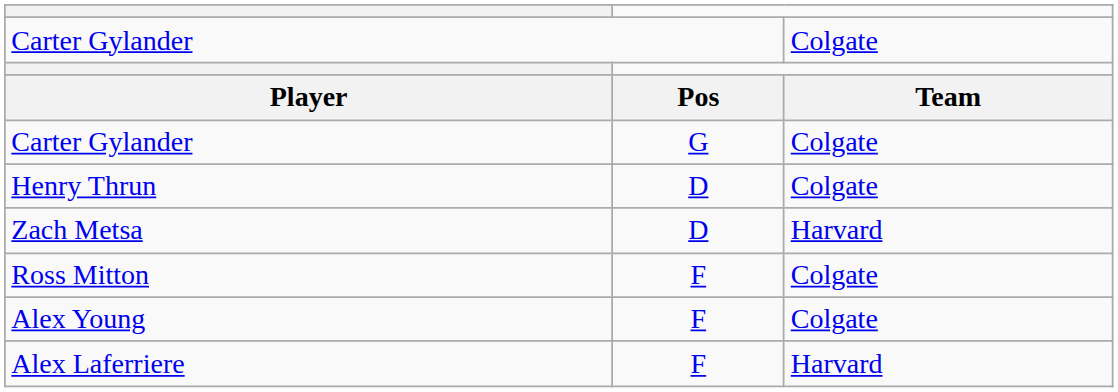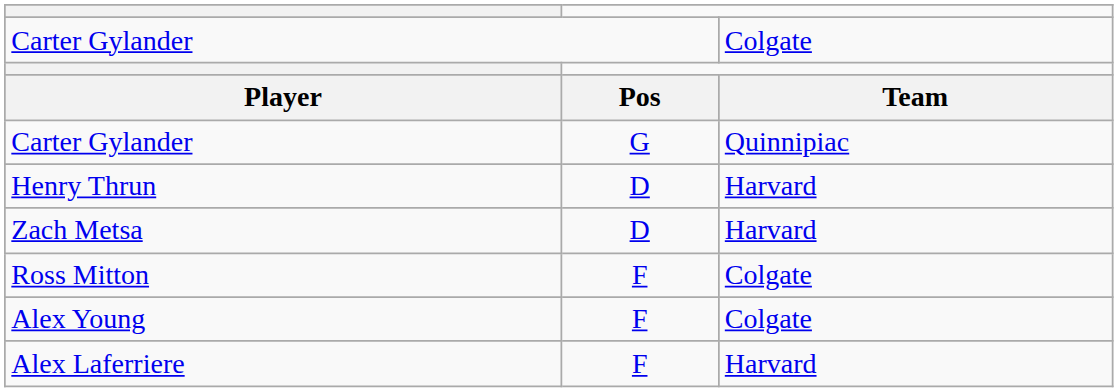 <table class="wikitable" width=40%>
 <tr>
 <th><a href='#'></a></th>
 </tr>
 <tr>
 <td colspan=2><a href='#'>Carter Gylander</a></td>
 <td><a href='#'>Colgate</a></td>
 </tr>
 <tr>
 <th><a href='#'></a></th>
 </tr>
 <tr>
 <th>Player</th>
 <th>Pos</th>
 <th>Team</th>
 </tr>
 <tr>
 <td><a href='#'>Carter Gylander</a></td>
 <td style="text-align:center;"><a href='#'>G</a></td>
-<td><a href='#'>Colgate</a></td>
+<td><a href='#'>Quinnipiac</a></td>
 </tr>
 <tr>
 <td><a href='#'>Henry Thrun</a></td>
 <td style="text-align:center;"><a href='#'>D</a></td>
-<td><a href='#'>Colgate</a></td>
+<td><a href='#'>Harvard</a></td>
 </tr>
 <tr>
 <td><a href='#'>Zach Metsa</a></td>
 <td style="text-align:center;"><a href='#'>D</a></td>
 <td><a href='#'>Harvard</a></td>
 </tr>
 <tr>
 <td><a href='#'>Ross Mitton</a></td>
 <td style="text-align:center;"><a href='#'>F</a></td>
 <td><a href='#'>Colgate</a></td>
 </tr>
 <tr>
 <td><a href='#'>Alex Young</a></td>
 <td style="text-align:center;"><a href='#'>F</a></td>
 <td><a href='#'>Colgate</a></td>
 </tr>
 <tr>
 <td><a href='#'>Alex Laferriere</a></td>
 <td style="text-align:center;"><a href='#'>F</a></td>
 <td><a href='#'>Harvard</a></td>
 </tr>
 </table>
